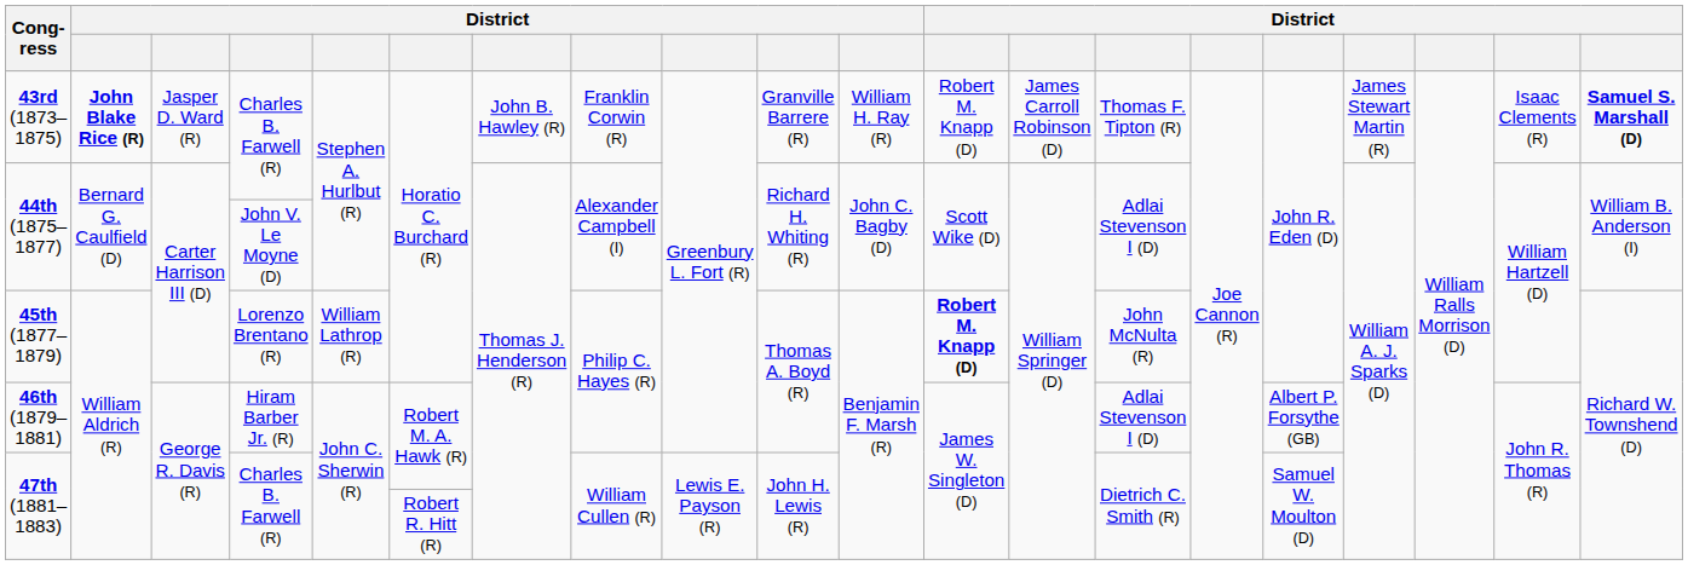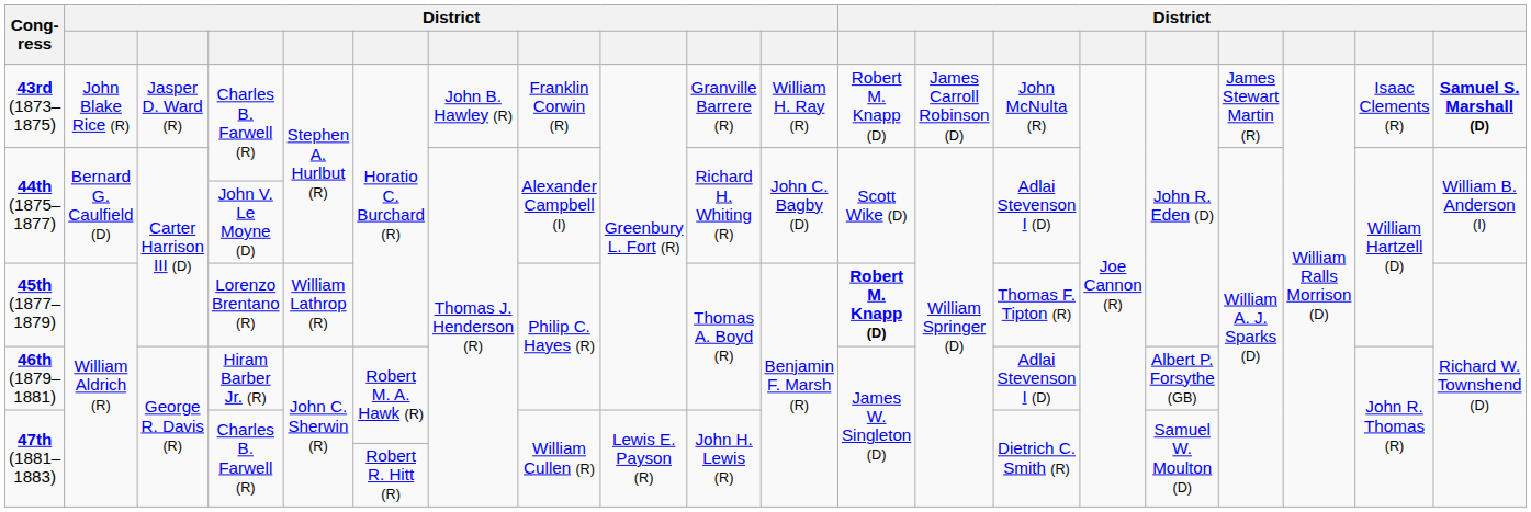 <table class=wikitable style="text-align:center">
 <tr>
 <th rowspan=2>Cong­ress</th>
 <th colspan=10>District</th>
 <th colspan=9>District</th>
 </tr>
 <tr style="height:2em">
 <th></th>
 <th></th>
 <th></th>
 <th></th>
 <th></th>
 <th></th>
 <th></th>
 <th></th>
 <th></th>
 <th></th>
 <th></th>
 <th></th>
 <th></th>
 <th></th>
 <th></th>
 <th></th>
 <th></th>
 <th></th>
 <th></th>
 </tr>
 <tr style="height:2em">
 <td><strong><a href='#'>43rd</a></strong><br>(1873–1875)</td>
-<td><strong><a href='#'>John Blake Rice</a> <small>(R)</small></strong></td>
+<td><a href='#'>John Blake Rice</a> <small>(R)</small></td>
 <td><a href='#'>Jasper D. Ward</a> <small>(R)</small></td>
 <td rowspan=2 ><a href='#'>Charles B. Farwell</a> <small>(R)</small></td>
 <td rowspan=3 ><a href='#'>Stephen A. Hurlbut</a> <small>(R)</small></td>
 <td rowspan=4 ><a href='#'>Horatio C. Burchard</a> <small>(R)</small></td>
 <td><a href='#'>John B. Hawley</a> <small>(R)</small></td>
 <td><a href='#'>Franklin Corwin</a> <small>(R)</small></td>
 <td rowspan=5 ><a href='#'>Greenbury L. Fort</a> <small>(R)</small></td>
 <td><a href='#'>Granville Barrere</a> <small>(R)</small></td>
 <td><a href='#'>William H. Ray</a> <small>(R)</small></td>
 <td><a href='#'>Robert M. Knapp</a> <small>(D)</small></td>
 <td><a href='#'>James Carroll<br>Robinson</a> <small>(D)</small></td>
-<td><a href='#'>Thomas F. Tipton</a> <small>(R)</small></td>
+<td><a href='#'>John McNulta</a> <small>(R)</small></td>
 <td rowspan=7 ><a href='#'>Joe Cannon</a> <small>(R)</small></td>
 <td rowspan=4 ><a href='#'>John R. Eden</a> <small>(D)</small></td>
 <td><a href='#'>James Stewart<br>Martin</a> <small>(R)</small></td>
 <td rowspan=7 ><a href='#'>William Ralls<br>Morrison</a> <small>(D)</small></td>
 <td><a href='#'>Isaac Clements</a> <small>(R)</small></td>
 <td><strong><a href='#'>Samuel S.<br>Marshall</a> <small>(D)</small></strong></td>
 </tr>
 <tr style="height:2em">
 <td rowspan=2><strong><a href='#'>44th</a></strong><br>(1875–1877)</td>
 <td rowspan=2 ><a href='#'>Bernard G. Caulfield</a> <small>(D)</small></td>
 <td rowspan=3 ><a href='#'>Carter Harrison III</a> <small>(D)</small></td>
 <td rowspan=6 ><a href='#'>Thomas J.<br>Henderson</a> <small>(R)</small></td>
 <td rowspan=2 ><a href='#'>Alexander Campbell</a> <small>(I)</small></td>
 <td rowspan=2 ><a href='#'>Richard H. Whiting</a> <small>(R)</small></td>
 <td rowspan=2 ><a href='#'>John C. Bagby</a> <small>(D)</small></td>
 <td rowspan=2 ><a href='#'>Scott Wike</a> <small>(D)</small></td>
 <td rowspan=6 ><a href='#'>William<br>Springer</a> <small>(D)</small></td>
 <td rowspan=2 ><a href='#'>Adlai Stevenson I</a> <small>(D)</small></td>
 <td rowspan=6 ><a href='#'>William A. J.<br>Sparks</a> <small>(D)</small></td>
 <td rowspan=3 ><a href='#'>William Hartzell</a> <small>(D)</small></td>
 <td rowspan=2 ><a href='#'>William B.<br>Anderson</a> <small>(I)</small></td>
 </tr>
 <tr style="height:2em">
 <td><a href='#'>John V. Le Moyne</a> <small>(D)</small></td>
 </tr>
 <tr style="height:2em">
 <td><strong><a href='#'>45th</a></strong><br>(1877–1879)</td>
 <td rowspan=4 ><a href='#'>William Aldrich</a> <small>(R)</small></td>
 <td><a href='#'>Lorenzo Brentano</a> <small>(R)</small></td>
 <td><a href='#'>William Lathrop</a> <small>(R)</small></td>
 <td rowspan=2 ><a href='#'>Philip C. Hayes</a> <small>(R)</small></td>
 <td rowspan=2 ><a href='#'>Thomas A. Boyd</a> <small>(R)</small></td>
 <td rowspan=4 ><a href='#'>Benjamin F. Marsh</a> <small>(R)</small></td>
 <td><strong><a href='#'>Robert M. Knapp</a> <small>(D)</small></strong></td>
-<td><a href='#'>John McNulta</a> <small>(R)</small></td>
+<td><a href='#'>Thomas F. Tipton</a> <small>(R)</small></td>
 <td rowspan=4 ><a href='#'>Richard W.<br>Townshend</a> <small>(D)</small></td>
 </tr>
 <tr style="height:2em">
 <td><strong><a href='#'>46th</a></strong><br>(1879–1881)</td>
 <td rowspan=3 ><a href='#'>George R. Davis</a> <small>(R)</small></td>
 <td><a href='#'>Hiram Barber Jr.</a> <small>(R)</small></td>
 <td rowspan=3 ><a href='#'>John C. Sherwin</a> <small>(R)</small></td>
 <td rowspan=2 ><a href='#'>Robert M. A. Hawk</a> <small>(R)</small></td>
 <td rowspan=3 ><a href='#'>James W. Singleton</a> <small>(D)</small></td>
 <td><a href='#'>Adlai Stevenson I</a> <small>(D)</small></td>
 <td><a href='#'>Albert P. Forsythe</a> <small>(GB)</small></td>
 <td rowspan=3 ><a href='#'>John R. Thomas</a> <small>(R)</small></td>
 </tr>
 <tr style="height:2em">
 <td rowspan=2><strong><a href='#'>47th</a></strong><br>(1881–1883)</td>
 <td rowspan=2 ><a href='#'>Charles B. Farwell</a> <small>(R)</small></td>
 <td rowspan=2 ><a href='#'>William Cullen</a> <small>(R)</small></td>
 <td rowspan=2 ><a href='#'>Lewis E. Payson</a> <small>(R)</small></td>
 <td rowspan=2 ><a href='#'>John H. Lewis</a> <small>(R)</small></td>
 <td rowspan=2 ><a href='#'>Dietrich C. Smith</a> <small>(R)</small></td>
 <td rowspan=2 ><a href='#'>Samuel W. Moulton</a> <small>(D)</small></td>
 </tr>
 <tr style="height:2em">
 <td><a href='#'>Robert R. Hitt</a> <small>(R)</small></td>
 </tr>
 </table>
